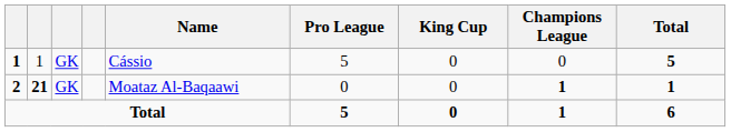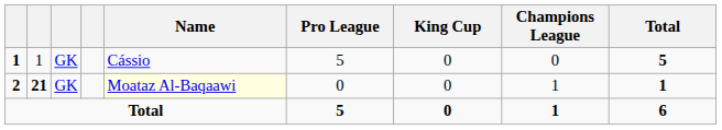 <table class="wikitable" style="text-align:center">
 <tr>
 <th width=15></th>
 <th width=15></th>
 <th width=15></th>
 <th width=15></th>
 <th width=175>Name</th>
 <th width=100>Pro League</th>
 <th width=100>King Cup</th>
 <th width=100>Champions League</th>
 <th width=100>Total</th>
 </tr>
 <tr>
 <td><strong>1</strong></td>
 <td>1</td>
 <td><a href='#'>GK</a></td>
 <td></td>
 <td align=left><a href='#'>Cássio</a></td>
 <td>5</td>
 <td>0</td>
 <td>0</td>
 <td><strong>5</strong></td>
 </tr>
 <tr>
 <td><strong>2</strong></td>
 <td><strong>21</strong></td>
 <td><a href='#'>GK</a></td>
 <td></td>
-<td align=left><a href='#'>Moataz Al-Baqaawi</a></td>
+<td align=left style="background: lightyellow;"><a href='#'>Moataz Al-Baqaawi</a></td>
 <td>0</td>
 <td>0</td>
-<td><strong>1</strong></td>
+<td>1</td>
 <td><strong>1</strong></td>
 </tr>
 <tr>
 <td colspan=5><strong>Total</strong></td>
 <td><strong>5</strong></td>
 <td><strong>0</strong></td>
 <td><strong>1</strong></td>
 <td><strong>6</strong></td>
 </tr>
 </table>
